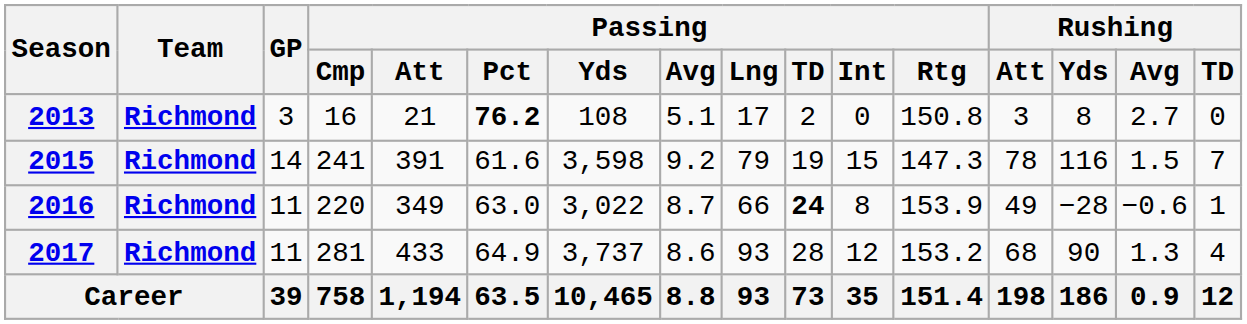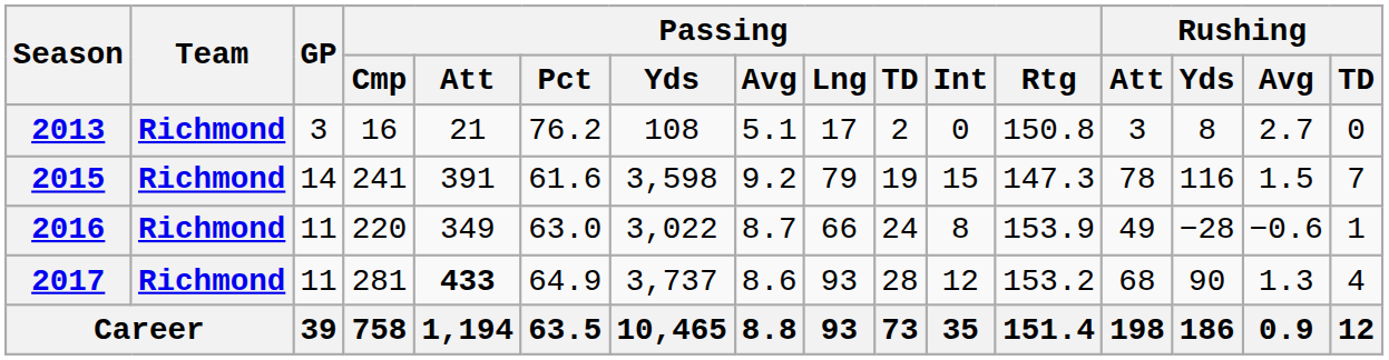 <table class="wikitable" style="text-align:center;">
 <tr>
 <th rowspan="2">Season</th>
 <th rowspan="2">Team</th>
 <th rowspan="2">GP</th>
 <th colspan="9">Passing</th>
 <th colspan="4">Rushing</th>
 </tr>
 <tr>
 <th>Cmp</th>
 <th>Att</th>
 <th>Pct</th>
 <th>Yds</th>
 <th>Avg</th>
 <th>Lng</th>
 <th>TD</th>
 <th>Int</th>
 <th>Rtg</th>
 <th>Att</th>
 <th>Yds</th>
 <th>Avg</th>
 <th>TD</th>
 </tr>
 <tr>
 <th><a href='#'>2013</a></th>
 <th><a href='#'>Richmond</a></th>
 <td>3</td>
 <td>16</td>
 <td>21</td>
-<td><strong>76.2</strong></td>
+<td>76.2</td>
 <td>108</td>
 <td>5.1</td>
 <td>17</td>
 <td>2</td>
 <td>0</td>
 <td>150.8</td>
 <td>3</td>
 <td>8</td>
 <td>2.7</td>
 <td>0</td>
 </tr>
 <tr>
 <th><a href='#'>2015</a></th>
 <th><a href='#'>Richmond</a></th>
 <td>14</td>
 <td>241</td>
 <td>391</td>
 <td>61.6</td>
 <td>3,598</td>
 <td>9.2</td>
 <td>79</td>
 <td>19</td>
 <td>15</td>
 <td>147.3</td>
 <td>78</td>
 <td>116</td>
 <td>1.5</td>
 <td>7</td>
 </tr>
 <tr>
 <th><a href='#'>2016</a></th>
 <th><a href='#'>Richmond</a></th>
 <td>11</td>
 <td>220</td>
 <td>349</td>
 <td>63.0</td>
 <td>3,022</td>
 <td>8.7</td>
 <td>66</td>
-<td><strong>24</strong></td>
+<td>24</td>
 <td>8</td>
 <td>153.9</td>
 <td>49</td>
 <td>−28</td>
 <td>−0.6</td>
 <td>1</td>
 </tr>
 <tr>
 <th><a href='#'>2017</a></th>
 <th><a href='#'>Richmond</a></th>
 <td>11</td>
 <td>281</td>
-<td>433</td>
+<td><strong>433</strong></td>
 <td>64.9</td>
 <td>3,737</td>
 <td>8.6</td>
 <td>93</td>
 <td>28</td>
 <td>12</td>
 <td>153.2</td>
 <td>68</td>
 <td>90</td>
 <td>1.3</td>
 <td>4</td>
 </tr>
 <tr>
 <th colspan="2">Career</th>
 <th>39</th>
 <th>758</th>
 <th>1,194</th>
 <th>63.5</th>
 <th>10,465</th>
 <th>8.8</th>
 <th>93</th>
 <th>73</th>
 <th>35</th>
 <th>151.4</th>
 <th>198</th>
 <th>186</th>
 <th>0.9</th>
 <th>12</th>
 </tr>
 </table>
